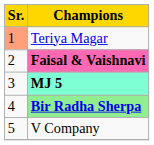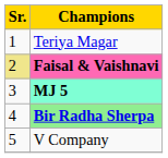 <table class="wikitable sorta">
 <tr>
 <th style="background:gold;">Sr.</th>
 <th style="background:gold;">Champions</th>
 </tr>
 <tr>
-<td style="background: lightsalmon;">1</td>
+<td>1</td>
 <td><a href='#'>Teriya Magar</a></td>
 </tr>
 <tr>
-<td>2</td>
+<td style="background: khaki;">2</td>
 <td style="background:#FF69B4; text-align:center;"><strong>Faisal & Vaishnavi</strong></td>
 </tr>
 <tr>
 <td>3</td>
 <td style="background:#7FFFD4;"><strong>MJ 5</strong></td>
 </tr>
 <tr>
 <td>4</td>
 <td style="background:lightgreen;"><strong><a href='#'>Bir Radha Sherpa</a></strong></td>
 </tr>
 <tr>
 <td>5</td>
 <td>V Company</td>
 </tr>
 <tr>
 </tr>
 </table>
